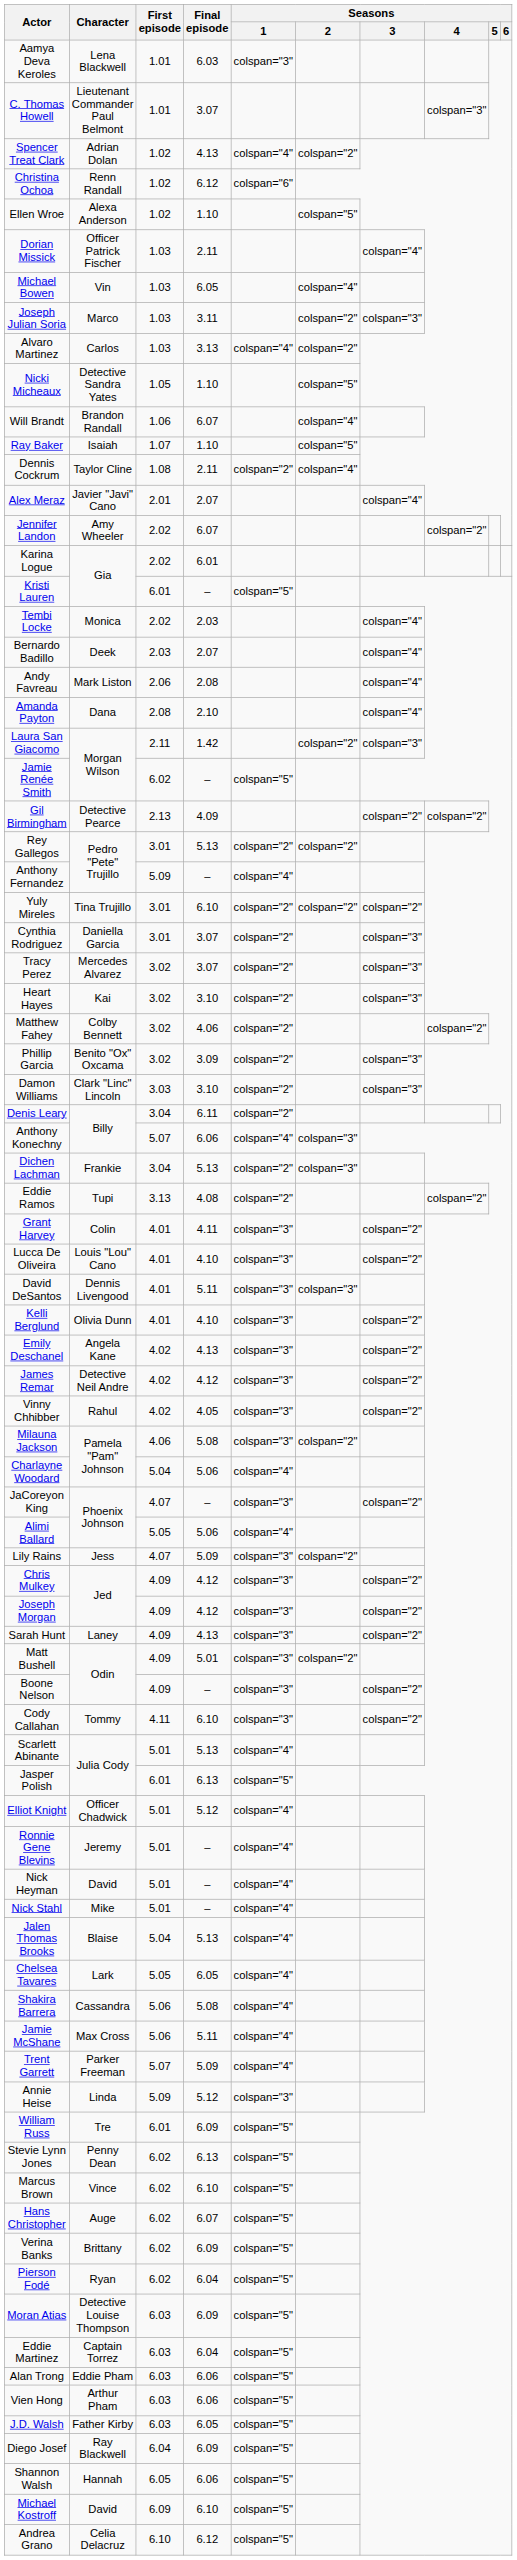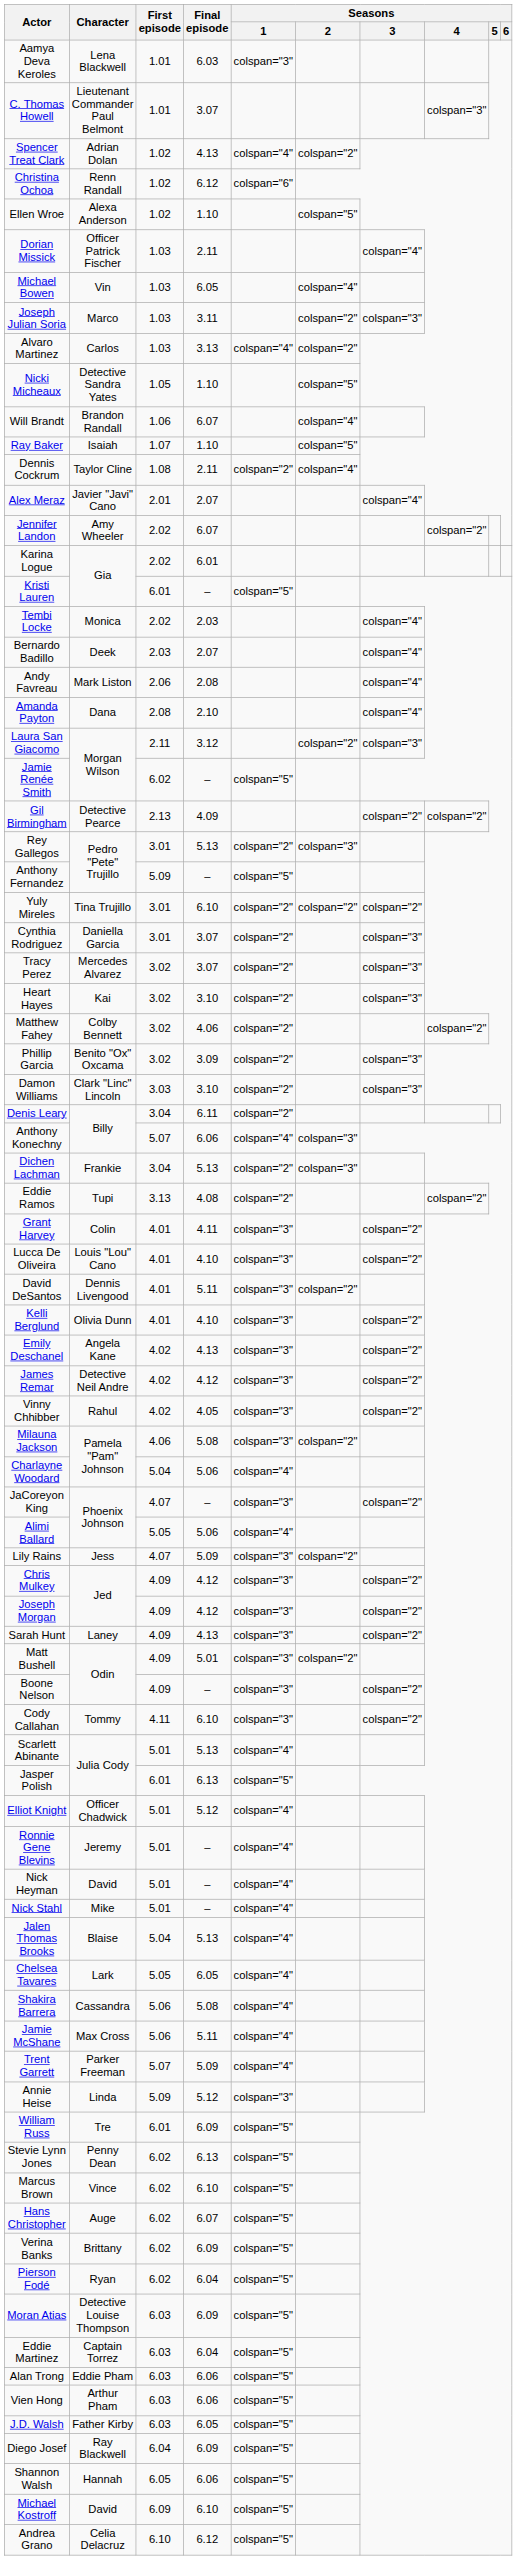 <table class="wikitable plainrowheaders" style="text-align:center">
 <tr>
 <th rowspan="2" style="width:12%;" scope="col">Actor</th>
 <th rowspan="2" style="width:12%;" scope="col">Character</th>
 <th rowspan="2" style="width:4%;" scope="col">First <br>episode</th>
 <th rowspan="2" style="width:4%;" scope="col">Final <br>episode</th>
 <th colspan="7">Seasons</th>
 </tr>
 <tr>
 <th style="width:7%;" scope="col">1</th>
 <th style="width:7%;" scope="col">2</th>
 <th style="width:7%;" scope="col">3</th>
 <th style="width:7%;" scope="col">4</th>
 <th style="width:7%;" scope="col">5</th>
 <th style="width:7%;" scope="col">6</th>
 </tr>
 <tr>
 <td>Aamya Deva Keroles</td>
 <td>Lena Blackwell</td>
 <td>1.01</td>
 <td>6.03</td>
 <td>colspan="3" </td>
 <td></td>
 <td></td>
 <td></td>
 </tr>
 <tr>
 <td><a href='#'>C. Thomas Howell</a></td>
 <td>Lieutenant Commander <br> Paul Belmont</td>
 <td>1.01</td>
 <td>3.07</td>
 <td></td>
 <td></td>
 <td></td>
 <td>colspan="3" </td>
 </tr>
 <tr>
 <td><a href='#'>Spencer Treat Clark</a></td>
 <td>Adrian Dolan</td>
 <td>1.02</td>
 <td>4.13</td>
 <td>colspan="4" </td>
 <td>colspan="2" </td>
 </tr>
 <tr>
 <td><a href='#'>Christina Ochoa</a></td>
 <td>Renn Randall</td>
 <td>1.02</td>
 <td>6.12</td>
 <td>colspan="6" </td>
 </tr>
 <tr>
 <td>Ellen Wroe</td>
 <td>Alexa Anderson</td>
 <td>1.02</td>
 <td>1.10</td>
 <td></td>
 <td>colspan="5" </td>
 </tr>
 <tr>
 <td><a href='#'>Dorian Missick</a></td>
 <td>Officer Patrick Fischer</td>
 <td>1.03</td>
 <td>2.11</td>
 <td></td>
 <td></td>
 <td>colspan="4" </td>
 </tr>
 <tr>
 <td><a href='#'>Michael Bowen</a></td>
 <td>Vin</td>
 <td>1.03</td>
 <td>6.05</td>
 <td></td>
 <td>colspan="4" </td>
 <td></td>
 </tr>
 <tr>
 <td><a href='#'>Joseph Julian Soria</a></td>
 <td>Marco</td>
 <td>1.03</td>
 <td>3.11</td>
 <td></td>
 <td>colspan="2" </td>
 <td>colspan="3" </td>
 </tr>
 <tr>
 <td>Alvaro Martinez</td>
 <td>Carlos</td>
 <td>1.03</td>
 <td>3.13</td>
 <td>colspan="4" </td>
 <td>colspan="2" </td>
 </tr>
 <tr>
 <td><a href='#'>Nicki Micheaux</a></td>
 <td>Detective Sandra Yates</td>
 <td>1.05</td>
 <td>1.10</td>
 <td></td>
 <td>colspan="5" </td>
 </tr>
 <tr>
 <td>Will Brandt</td>
 <td>Brandon Randall</td>
 <td>1.06</td>
 <td>6.07</td>
 <td></td>
 <td>colspan="4" </td>
 <td></td>
 </tr>
 <tr>
 <td><a href='#'>Ray Baker</a></td>
 <td>Isaiah</td>
 <td>1.07</td>
 <td>1.10</td>
 <td></td>
 <td>colspan="5" </td>
 </tr>
 <tr>
 <td>Dennis Cockrum</td>
 <td>Taylor Cline</td>
 <td>1.08</td>
 <td>2.11</td>
 <td>colspan="2" </td>
 <td>colspan="4" </td>
 </tr>
 <tr>
 <td><a href='#'>Alex Meraz</a></td>
 <td>Javier "Javi" Cano</td>
 <td>2.01</td>
 <td>2.07</td>
 <td></td>
 <td></td>
 <td>colspan="4" </td>
 </tr>
 <tr>
 <td><a href='#'>Jennifer Landon</a></td>
 <td>Amy Wheeler</td>
 <td>2.02</td>
 <td>6.07</td>
 <td></td>
 <td></td>
 <td></td>
 <td>colspan="2" </td>
 <td></td>
 </tr>
 <tr>
 <td>Karina Logue</td>
 <td rowspan="2">Gia</td>
 <td>2.02</td>
 <td>6.01</td>
 <td></td>
 <td></td>
 <td></td>
 <td></td>
 <td></td>
 <td></td>
 </tr>
 <tr>
 <td><a href='#'>Kristi Lauren</a></td>
 <td>6.01</td>
 <td>–</td>
 <td>colspan="5" </td>
 <td></td>
 </tr>
 <tr>
 <td><a href='#'>Tembi Locke</a></td>
 <td>Monica</td>
 <td>2.02</td>
 <td>2.03</td>
 <td></td>
 <td></td>
 <td>colspan="4" </td>
 </tr>
 <tr>
 <td>Bernardo Badillo</td>
 <td>Deek</td>
 <td>2.03</td>
 <td>2.07</td>
 <td></td>
 <td></td>
 <td>colspan="4" </td>
 </tr>
 <tr>
 <td>Andy Favreau</td>
 <td>Mark Liston</td>
 <td>2.06</td>
 <td>2.08</td>
 <td></td>
 <td></td>
 <td>colspan="4" </td>
 </tr>
 <tr>
 <td><a href='#'>Amanda Payton</a></td>
 <td>Dana</td>
 <td>2.08</td>
 <td>2.10</td>
 <td></td>
 <td></td>
 <td>colspan="4" </td>
 </tr>
 <tr>
 <td><a href='#'>Laura San Giacomo</a></td>
 <td rowspan="2">Morgan Wilson</td>
 <td>2.11</td>
-<td>1.42</td>
+<td>3.12</td>
 <td></td>
 <td>colspan="2" </td>
 <td>colspan="3" </td>
 </tr>
 <tr>
 <td><a href='#'>Jamie Renée Smith</a></td>
 <td>6.02</td>
 <td>–</td>
 <td>colspan="5" </td>
 <td></td>
 </tr>
 <tr>
 <td><a href='#'>Gil Birmingham</a></td>
 <td>Detective Pearce</td>
 <td>2.13</td>
 <td>4.09</td>
 <td></td>
 <td></td>
 <td>colspan="2" </td>
 <td>colspan="2" </td>
 </tr>
 <tr>
 <td>Rey Gallegos</td>
 <td rowspan="2">Pedro "Pete" Trujillo</td>
 <td>3.01</td>
 <td>5.13</td>
 <td>colspan="2" </td>
-<td>colspan="2" </td>
+<td>colspan="3" </td>
 <td></td>
 </tr>
 <tr>
 <td>Anthony Fernandez</td>
 <td>5.09</td>
 <td>–</td>
-<td>colspan="4" </td>
+<td>colspan="5" </td>
 <td></td>
 <td></td>
 </tr>
 <tr>
 <td>Yuly Mireles</td>
 <td>Tina Trujillo</td>
 <td>3.01</td>
 <td>6.10</td>
 <td>colspan="2" </td>
 <td>colspan="2" </td>
 <td>colspan="2" </td>
 </tr>
 <tr>
 <td>Cynthia Rodriguez</td>
 <td>Daniella Garcia</td>
 <td>3.01</td>
 <td>3.07</td>
 <td>colspan="2" </td>
 <td></td>
 <td>colspan="3" </td>
 </tr>
 <tr>
 <td>Tracy Perez</td>
 <td>Mercedes Alvarez</td>
 <td>3.02</td>
 <td>3.07</td>
 <td>colspan="2" </td>
 <td></td>
 <td>colspan="3" </td>
 </tr>
 <tr>
 <td>Heart Hayes</td>
 <td>Kai</td>
 <td>3.02</td>
 <td>3.10</td>
 <td>colspan="2" </td>
 <td></td>
 <td>colspan="3" </td>
 </tr>
 <tr>
 <td>Matthew Fahey</td>
 <td>Colby Bennett</td>
 <td>3.02</td>
 <td>4.06</td>
 <td>colspan="2" </td>
 <td></td>
 <td></td>
 <td>colspan="2" </td>
 </tr>
 <tr>
 <td>Phillip Garcia</td>
 <td>Benito "Ox" Oxcama</td>
 <td>3.02</td>
 <td>3.09</td>
 <td>colspan="2" </td>
 <td></td>
 <td>colspan="3" </td>
 </tr>
 <tr>
 <td>Damon Williams</td>
 <td>Clark "Linc" Lincoln</td>
 <td>3.03</td>
 <td>3.10</td>
 <td>colspan="2" </td>
 <td></td>
 <td>colspan="3" </td>
 </tr>
 <tr>
 <td><a href='#'>Denis Leary</a></td>
 <td rowspan="2">Billy</td>
 <td>3.04</td>
 <td>6.11</td>
 <td>colspan="2" </td>
 <td></td>
 <td></td>
 <td></td>
 <td></td>
 </tr>
 <tr>
 <td>Anthony Konechny</td>
 <td>5.07</td>
 <td>6.06</td>
 <td>colspan="4" </td>
 <td>colspan="3" </td>
 </tr>
 <tr>
 <td><a href='#'>Dichen Lachman</a></td>
 <td>Frankie</td>
 <td>3.04</td>
 <td>5.13</td>
 <td>colspan="2" </td>
 <td>colspan="3" </td>
 <td></td>
 </tr>
 <tr>
 <td>Eddie Ramos</td>
 <td>Tupi</td>
 <td>3.13</td>
 <td>4.08</td>
 <td>colspan="2" </td>
 <td></td>
 <td></td>
 <td>colspan="2" </td>
 </tr>
 <tr>
 <td><a href='#'>Grant Harvey</a></td>
 <td>Colin</td>
 <td>4.01</td>
 <td>4.11</td>
 <td>colspan="3" </td>
 <td></td>
 <td>colspan="2" </td>
 </tr>
 <tr>
 <td>Lucca De Oliveira</td>
 <td>Louis "Lou" Cano</td>
 <td>4.01</td>
 <td>4.10</td>
 <td>colspan="3" </td>
 <td></td>
 <td>colspan="2" </td>
 </tr>
 <tr>
 <td>David DeSantos</td>
 <td>Dennis Livengood</td>
 <td>4.01</td>
 <td>5.11</td>
 <td>colspan="3" </td>
-<td>colspan="3" </td>
+<td>colspan="2" </td>
 <td></td>
 </tr>
 <tr>
 <td><a href='#'>Kelli Berglund</a></td>
 <td>Olivia Dunn</td>
 <td>4.01</td>
 <td>4.10</td>
 <td>colspan="3" </td>
 <td></td>
 <td>colspan="2" </td>
 </tr>
 <tr>
 <td><a href='#'>Emily Deschanel</a></td>
 <td>Angela Kane</td>
 <td>4.02</td>
 <td>4.13</td>
 <td>colspan="3" </td>
 <td></td>
 <td>colspan="2" </td>
 </tr>
 <tr>
 <td><a href='#'>James Remar</a></td>
 <td>Detective Neil Andre</td>
 <td>4.02</td>
 <td>4.12</td>
 <td>colspan="3" </td>
 <td></td>
 <td>colspan="2" </td>
 </tr>
 <tr>
 <td>Vinny Chhibber</td>
 <td>Rahul</td>
 <td>4.02</td>
 <td>4.05</td>
 <td>colspan="3" </td>
 <td></td>
 <td>colspan="2" </td>
 </tr>
 <tr>
 <td><a href='#'>Milauna Jackson</a></td>
 <td rowspan="2">Pamela "Pam" Johnson</td>
 <td>4.06</td>
 <td>5.08</td>
 <td>colspan="3" </td>
 <td>colspan="2" </td>
 <td></td>
 </tr>
 <tr>
 <td><a href='#'>Charlayne Woodard</a></td>
 <td>5.04</td>
 <td>5.06</td>
 <td>colspan="4" </td>
 <td></td>
 <td></td>
 </tr>
 <tr>
 <td>JaCoreyon King</td>
 <td rowspan="2">Phoenix Johnson</td>
 <td>4.07</td>
 <td>–</td>
 <td>colspan="3" </td>
 <td></td>
 <td>colspan="2" </td>
 </tr>
 <tr>
 <td><a href='#'>Alimi Ballard</a></td>
 <td>5.05</td>
 <td>5.06</td>
 <td>colspan="4" </td>
 <td></td>
 <td></td>
 </tr>
 <tr>
 <td>Lily Rains</td>
 <td>Jess</td>
 <td>4.07</td>
 <td>5.09</td>
 <td>colspan="3" </td>
 <td>colspan="2" </td>
 <td></td>
 </tr>
 <tr>
 <td><a href='#'>Chris Mulkey</a></td>
 <td rowspan="2">Jed</td>
 <td>4.09</td>
 <td>4.12</td>
 <td>colspan="3" </td>
 <td></td>
 <td>colspan="2" </td>
 </tr>
 <tr>
 <td><a href='#'>Joseph Morgan</a></td>
 <td>4.09</td>
 <td>4.12</td>
 <td>colspan="3" </td>
 <td></td>
 <td>colspan="2" </td>
 </tr>
 <tr>
 <td>Sarah Hunt</td>
 <td>Laney</td>
 <td>4.09</td>
 <td>4.13</td>
 <td>colspan="3" </td>
 <td></td>
 <td>colspan="2" </td>
 </tr>
 <tr>
 <td>Matt Bushell</td>
 <td rowspan="2">Odin</td>
 <td>4.09</td>
 <td>5.01</td>
 <td>colspan="3" </td>
 <td>colspan="2" </td>
 <td></td>
 </tr>
 <tr>
 <td>Boone Nelson</td>
 <td>4.09</td>
 <td>–</td>
 <td>colspan="3" </td>
 <td></td>
 <td>colspan="2" </td>
 </tr>
 <tr>
 <td>Cody Callahan</td>
 <td>Tommy</td>
 <td>4.11</td>
 <td>6.10</td>
 <td>colspan="3" </td>
 <td></td>
 <td>colspan="2" </td>
 </tr>
 <tr>
 <td>Scarlett Abinante</td>
 <td rowspan="2">Julia Cody</td>
 <td>5.01</td>
 <td>5.13</td>
 <td>colspan="4" </td>
 <td></td>
 <td></td>
 </tr>
 <tr>
 <td>Jasper Polish</td>
 <td>6.01</td>
 <td>6.13</td>
 <td>colspan="5" </td>
 <td></td>
 </tr>
 <tr>
 <td><a href='#'>Elliot Knight</a></td>
 <td>Officer Chadwick</td>
 <td>5.01</td>
 <td>5.12</td>
 <td>colspan="4" </td>
 <td></td>
 <td></td>
 </tr>
 <tr>
 <td><a href='#'>Ronnie Gene Blevins</a></td>
 <td>Jeremy</td>
 <td>5.01</td>
 <td>–</td>
 <td>colspan="4" </td>
 <td></td>
 <td></td>
 </tr>
 <tr>
 <td>Nick Heyman</td>
 <td>David</td>
 <td>5.01</td>
 <td>–</td>
 <td>colspan="4" </td>
 <td></td>
 <td></td>
 </tr>
 <tr>
 <td><a href='#'>Nick Stahl</a></td>
 <td>Mike</td>
 <td>5.01</td>
 <td>–</td>
 <td>colspan="4" </td>
 <td></td>
 <td></td>
 </tr>
 <tr>
 <td><a href='#'>Jalen Thomas Brooks</a></td>
 <td>Blaise</td>
 <td>5.04</td>
 <td>5.13</td>
 <td>colspan="4" </td>
 <td></td>
 <td></td>
 </tr>
 <tr>
 <td><a href='#'>Chelsea Tavares</a></td>
 <td>Lark</td>
 <td>5.05</td>
 <td>6.05</td>
 <td>colspan="4" </td>
 <td></td>
 <td></td>
 </tr>
 <tr>
 <td><a href='#'>Shakira Barrera</a></td>
 <td>Cassandra</td>
 <td>5.06</td>
 <td>5.08</td>
 <td>colspan="4" </td>
 <td></td>
 <td></td>
 </tr>
 <tr>
 <td><a href='#'>Jamie McShane</a></td>
 <td>Max Cross</td>
 <td>5.06</td>
 <td>5.11</td>
 <td>colspan="4" </td>
 <td></td>
 <td></td>
 </tr>
 <tr>
 <td><a href='#'>Trent Garrett</a></td>
 <td>Parker Freeman</td>
 <td>5.07</td>
 <td>5.09</td>
 <td>colspan="4" </td>
 <td></td>
 <td></td>
 </tr>
 <tr>
 <td>Annie Heise</td>
 <td>Linda</td>
 <td>5.09</td>
 <td>5.12</td>
 <td>colspan="3" </td>
 <td></td>
 <td></td>
 </tr>
 <tr>
 <td><a href='#'>William Russ</a></td>
 <td>Tre</td>
 <td>6.01</td>
 <td>6.09</td>
 <td>colspan="5" </td>
 <td></td>
 </tr>
 <tr>
 <td>Stevie Lynn Jones</td>
 <td>Penny Dean</td>
 <td>6.02</td>
 <td>6.13</td>
 <td>colspan="5" </td>
 <td></td>
 </tr>
 <tr>
 <td>Marcus Brown</td>
 <td>Vince</td>
 <td>6.02</td>
 <td>6.10</td>
 <td>colspan="5" </td>
 <td></td>
 </tr>
 <tr>
 <td><a href='#'>Hans Christopher</a></td>
 <td>Auge</td>
 <td>6.02</td>
 <td>6.07</td>
 <td>colspan="5" </td>
 <td></td>
 </tr>
 <tr>
 <td>Verina Banks</td>
 <td>Brittany</td>
 <td>6.02</td>
 <td>6.09</td>
 <td>colspan="5" </td>
 <td></td>
 </tr>
 <tr>
 <td><a href='#'>Pierson Fodé</a></td>
 <td>Ryan</td>
 <td>6.02</td>
 <td>6.04</td>
 <td>colspan="5" </td>
 <td></td>
 </tr>
 <tr>
 <td><a href='#'>Moran Atias</a></td>
 <td>Detective Louise Thompson</td>
 <td>6.03</td>
 <td>6.09</td>
 <td>colspan="5" </td>
 <td></td>
 </tr>
 <tr>
 <td>Eddie Martinez</td>
 <td>Captain Torrez</td>
 <td>6.03</td>
 <td>6.04</td>
 <td>colspan="5" </td>
 <td></td>
 </tr>
 <tr>
 <td>Alan Trong</td>
 <td>Eddie Pham</td>
 <td>6.03</td>
 <td>6.06</td>
 <td>colspan="5" </td>
 <td></td>
 </tr>
 <tr>
 <td>Vien Hong</td>
 <td>Arthur Pham</td>
 <td>6.03</td>
 <td>6.06</td>
 <td>colspan="5" </td>
 <td></td>
 </tr>
 <tr>
 <td><a href='#'>J.D. Walsh</a></td>
 <td>Father Kirby</td>
 <td>6.03</td>
 <td>6.05</td>
 <td>colspan="5" </td>
 <td></td>
 </tr>
 <tr>
 <td>Diego Josef</td>
 <td>Ray Blackwell</td>
 <td>6.04</td>
 <td>6.09</td>
 <td>colspan="5" </td>
 <td></td>
 </tr>
 <tr>
 <td>Shannon Walsh</td>
 <td>Hannah</td>
 <td>6.05</td>
 <td>6.06</td>
 <td>colspan="5" </td>
 <td></td>
 </tr>
 <tr>
 <td><a href='#'>Michael Kostroff</a></td>
 <td>David</td>
 <td>6.09</td>
 <td>6.10</td>
 <td>colspan="5" </td>
 <td></td>
 </tr>
 <tr>
 <td>Andrea Grano</td>
 <td>Celia Delacruz</td>
 <td>6.10</td>
 <td>6.12</td>
 <td>colspan="5" </td>
 <td></td>
 </tr>
 </table>
